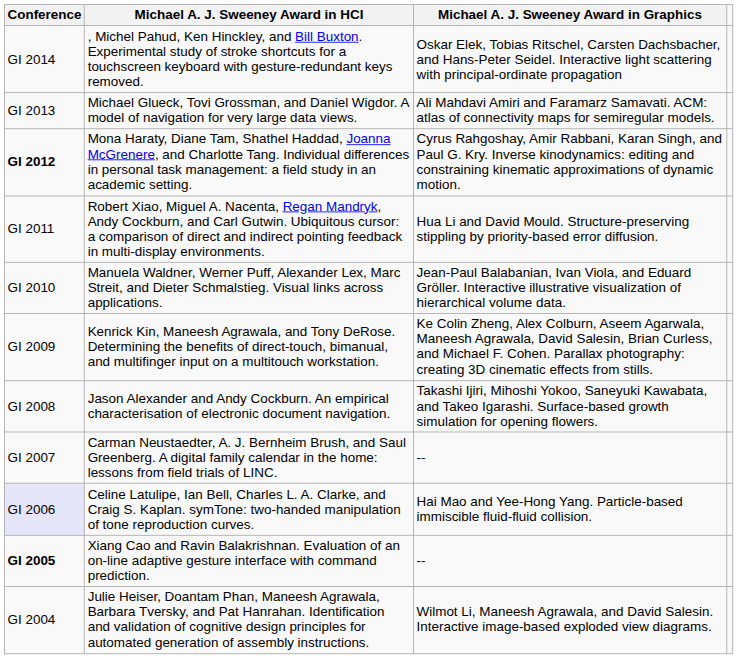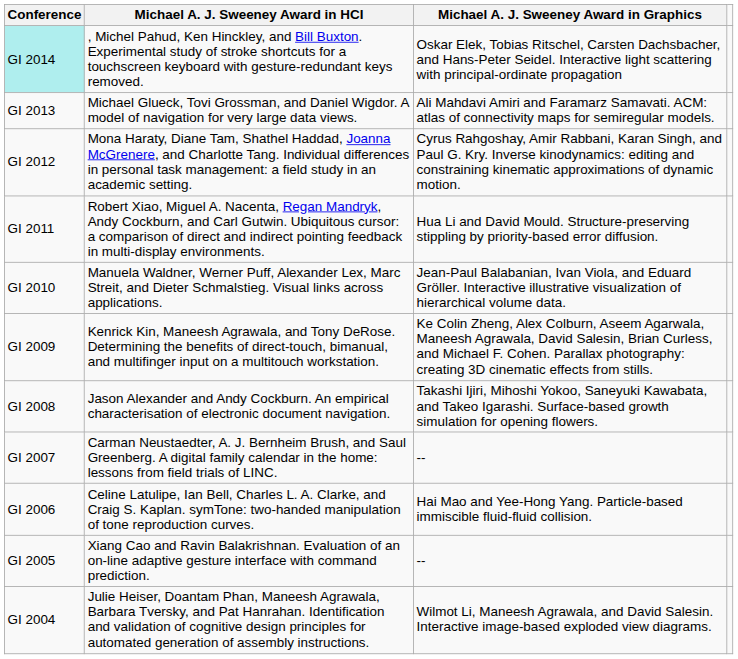 <table class="wikitable">
 <tr>
 <th>Conference</th>
 <th>Michael A. J. Sweeney Award in HCI</th>
 <th>Michael A. J. Sweeney Award in Graphics</th>
 </tr>
 <tr>
-<td>GI 2014</td>
+<td style="background: paleturquoise;">GI 2014</td>
 <td>, Michel Pahud, Ken Hinckley, and <a href='#'>Bill Buxton</a>. Experimental study of stroke shortcuts for a touchscreen keyboard with gesture-redundant keys removed.</td>
 <td>Oskar Elek, Tobias Ritschel, Carsten Dachsbacher, and Hans-Peter Seidel. Interactive light scattering with principal-ordinate propagation</td>
 <td></td>
 </tr>
 <tr>
 <td>GI 2013</td>
 <td>Michael Glueck, Tovi Grossman, and Daniel Wigdor. A model of navigation for very large data views.</td>
 <td>Ali Mahdavi Amiri and Faramarz Samavati. ACM: atlas of connectivity maps for semiregular models.</td>
 <td></td>
 </tr>
 <tr>
-<td><strong>GI 2012</strong></td>
+<td>GI 2012</td>
 <td>Mona Haraty, Diane Tam, Shathel Haddad, <a href='#'>Joanna McGrenere</a>, and Charlotte Tang. Individual differences in personal task management: a field study in an academic setting.</td>
 <td>Cyrus Rahgoshay, Amir Rabbani, Karan Singh, and Paul G. Kry. Inverse kinodynamics: editing and constraining kinematic approximations of dynamic motion.</td>
 <td></td>
 </tr>
 <tr>
 <td>GI 2011</td>
 <td>Robert Xiao, Miguel A. Nacenta, <a href='#'>Regan Mandryk</a>, Andy Cockburn, and Carl Gutwin. Ubiquitous cursor: a comparison of direct and indirect pointing feedback in multi-display environments.</td>
 <td>Hua Li and David Mould.  Structure-preserving stippling by priority-based error diffusion.</td>
 <td></td>
 </tr>
 <tr>
 <td>GI 2010</td>
 <td>Manuela Waldner, Werner Puff, Alexander Lex, Marc Streit, and Dieter Schmalstieg. Visual links across applications.</td>
 <td>Jean-Paul Balabanian, Ivan Viola, and Eduard Gröller. Interactive illustrative visualization of hierarchical volume data.</td>
 <td></td>
 </tr>
 <tr>
 <td>GI 2009</td>
 <td>Kenrick Kin, Maneesh Agrawala, and Tony DeRose. Determining the benefits of direct-touch, bimanual, and multifinger input on a multitouch workstation.</td>
 <td>Ke Colin Zheng, Alex Colburn, Aseem Agarwala, Maneesh Agrawala, David Salesin, Brian Curless, and Michael F. Cohen. Parallax photography: creating 3D cinematic effects from stills.</td>
 <td></td>
 </tr>
 <tr>
 <td>GI 2008</td>
 <td>Jason Alexander and Andy Cockburn. An empirical characterisation of electronic document navigation.</td>
 <td>Takashi Ijiri, Mihoshi Yokoo, Saneyuki Kawabata, and Takeo Igarashi. Surface-based growth simulation for opening flowers.</td>
 <td></td>
 </tr>
 <tr>
 <td>GI 2007</td>
 <td>Carman Neustaedter, A. J. Bernheim Brush, and Saul Greenberg. A digital family calendar in the home: lessons from field trials of LINC.</td>
 <td>--</td>
 <td></td>
 </tr>
 <tr>
-<td style="background: lavender;">GI 2006</td>
+<td>GI 2006</td>
 <td>Celine Latulipe, Ian Bell, Charles L. A. Clarke, and Craig S. Kaplan. symTone: two-handed manipulation of tone reproduction curves.</td>
 <td>Hai Mao and Yee-Hong Yang. Particle-based immiscible fluid-fluid collision.</td>
 <td></td>
 </tr>
 <tr>
-<td><strong>GI 2005</strong></td>
+<td>GI 2005</td>
 <td>Xiang Cao and Ravin Balakrishnan. Evaluation of an on-line adaptive gesture interface with command prediction.</td>
 <td>--</td>
 <td></td>
 </tr>
 <tr>
 <td>GI 2004</td>
 <td>Julie Heiser, Doantam Phan, Maneesh Agrawala, Barbara Tversky, and Pat Hanrahan. Identification and validation of cognitive design principles for automated generation of assembly instructions.</td>
 <td>Wilmot Li, Maneesh Agrawala, and David Salesin. Interactive image-based exploded view diagrams.</td>
 <td></td>
 </tr>
 </table>
